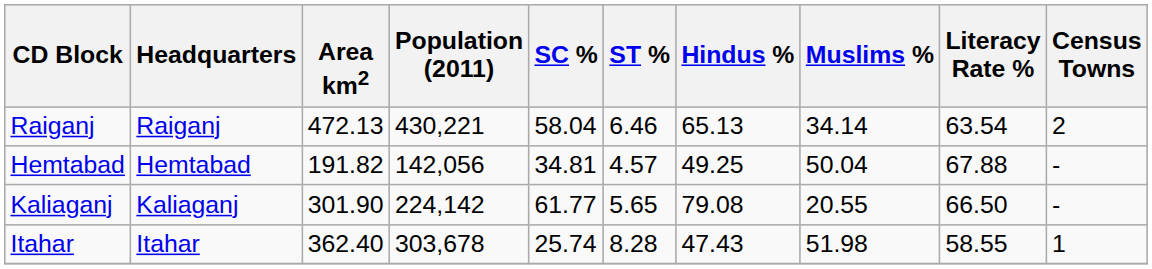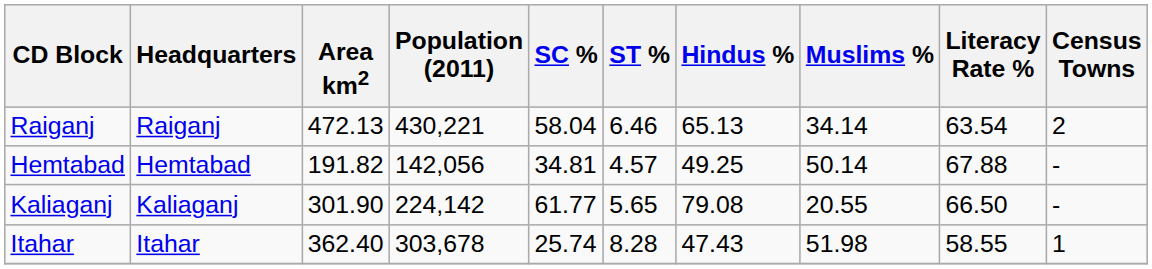 <table class="wikitable sortable">
 <tr>
 <th>CD Block</th>
 <th>Headquarters</th>
 <th><br>Area<br>km<sup>2</sup></th>
 <th>Population<br>(2011)</th>
 <th><a href='#'>SC</a> %</th>
 <th><a href='#'>ST</a> %</th>
 <th><a href='#'>Hindus</a> %</th>
 <th><a href='#'>Muslims</a> %</th>
 <th>Literacy<br> Rate %</th>
 <th>Census<br>Towns</th>
 </tr>
 <tr>
 <td><a href='#'>Raiganj</a></td>
 <td><a href='#'>Raiganj</a></td>
 <td>472.13</td>
 <td>430,221</td>
 <td>58.04</td>
 <td>6.46</td>
 <td>65.13</td>
 <td>34.14</td>
 <td>63.54</td>
 <td>2</td>
 </tr>
 <tr>
 <td><a href='#'>Hemtabad</a></td>
 <td><a href='#'>Hemtabad</a></td>
 <td>191.82</td>
 <td>142,056</td>
 <td>34.81</td>
 <td>4.57</td>
 <td>49.25</td>
-<td>50.04</td>
+<td>50.14</td>
 <td>67.88</td>
 <td>-</td>
 </tr>
 <tr>
 <td><a href='#'>Kaliaganj</a></td>
 <td><a href='#'>Kaliaganj</a></td>
 <td>301.90</td>
 <td>224,142</td>
 <td>61.77</td>
 <td>5.65</td>
 <td>79.08</td>
 <td>20.55</td>
 <td>66.50</td>
 <td>-</td>
 </tr>
 <tr>
 <td><a href='#'>Itahar</a></td>
 <td><a href='#'>Itahar</a></td>
 <td>362.40</td>
 <td>303,678</td>
 <td>25.74</td>
 <td>8.28</td>
 <td>47.43</td>
 <td>51.98</td>
 <td>58.55</td>
 <td>1</td>
 </tr>
 <tr>
 </tr>
 </table>
